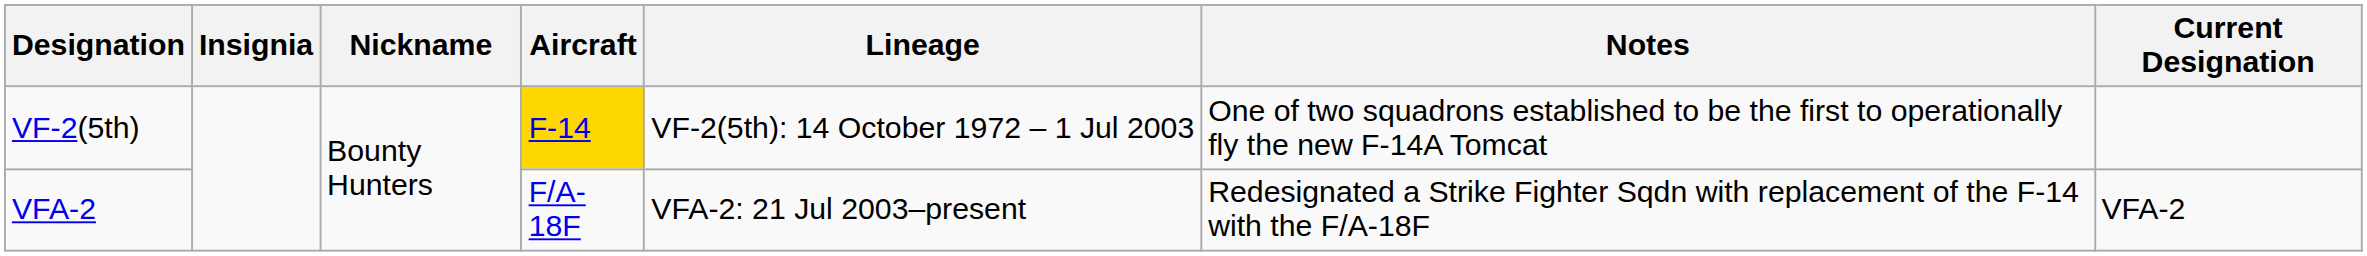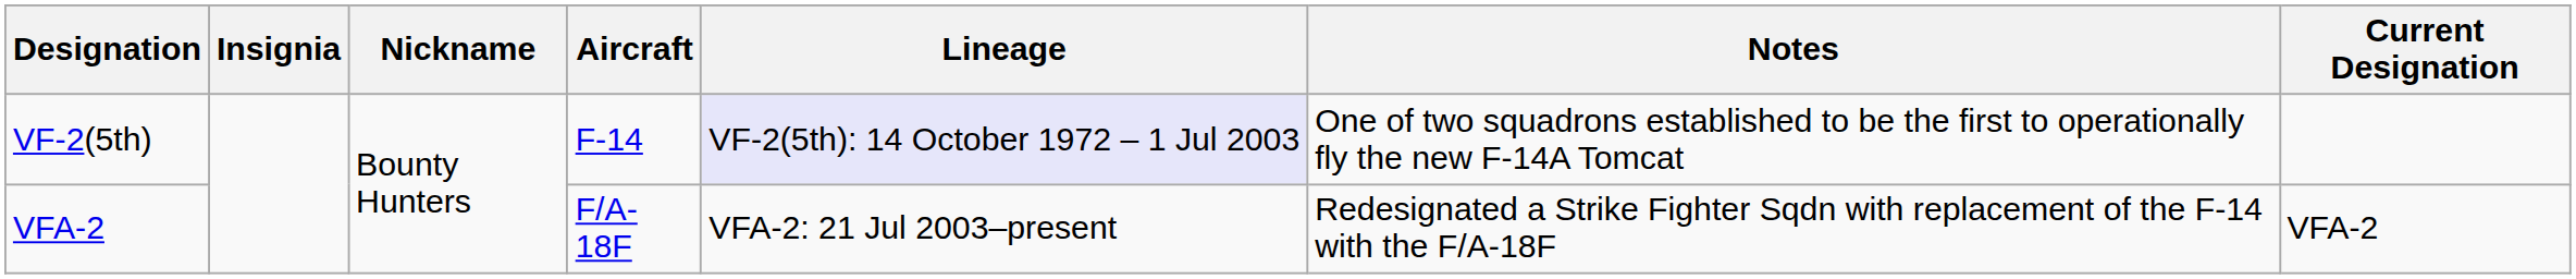 <table class="wikitable">
 <tr>
 <th>Designation</th>
 <th>Insignia</th>
 <th>Nickname</th>
 <th>Aircraft</th>
 <th>Lineage</th>
 <th>Notes</th>
 <th>Current Designation</th>
 </tr>
 <tr>
 <td><a href='#'>VF-2</a>(5th)</td>
 <td Rowspan="2"></td>
 <td Rowspan="2">Bounty Hunters</td>
-<td style="background: gold;"><a href='#'>F-14</a></td>
-<td style="white-space: nowrap;">VF-2(5th): 14 October 1972 – 1 Jul 2003</td>
+<td><a href='#'>F-14</a></td>
+<td style="background: lavender; white-space: nowrap;">VF-2(5th): 14 October 1972 – 1 Jul 2003</td>
 <td>One of two squadrons established to be the first to operationally fly the new F-14A Tomcat</td>
 </tr>
 <tr>
 <td><a href='#'>VFA-2</a></td>
 <td><a href='#'>F/A-18F</a></td>
 <td>VFA-2: 21 Jul 2003–present</td>
 <td>Redesignated a Strike Fighter Sqdn with replacement of the F-14 with the F/A-18F</td>
 <td>VFA-2</td>
 </tr>
 </table>
